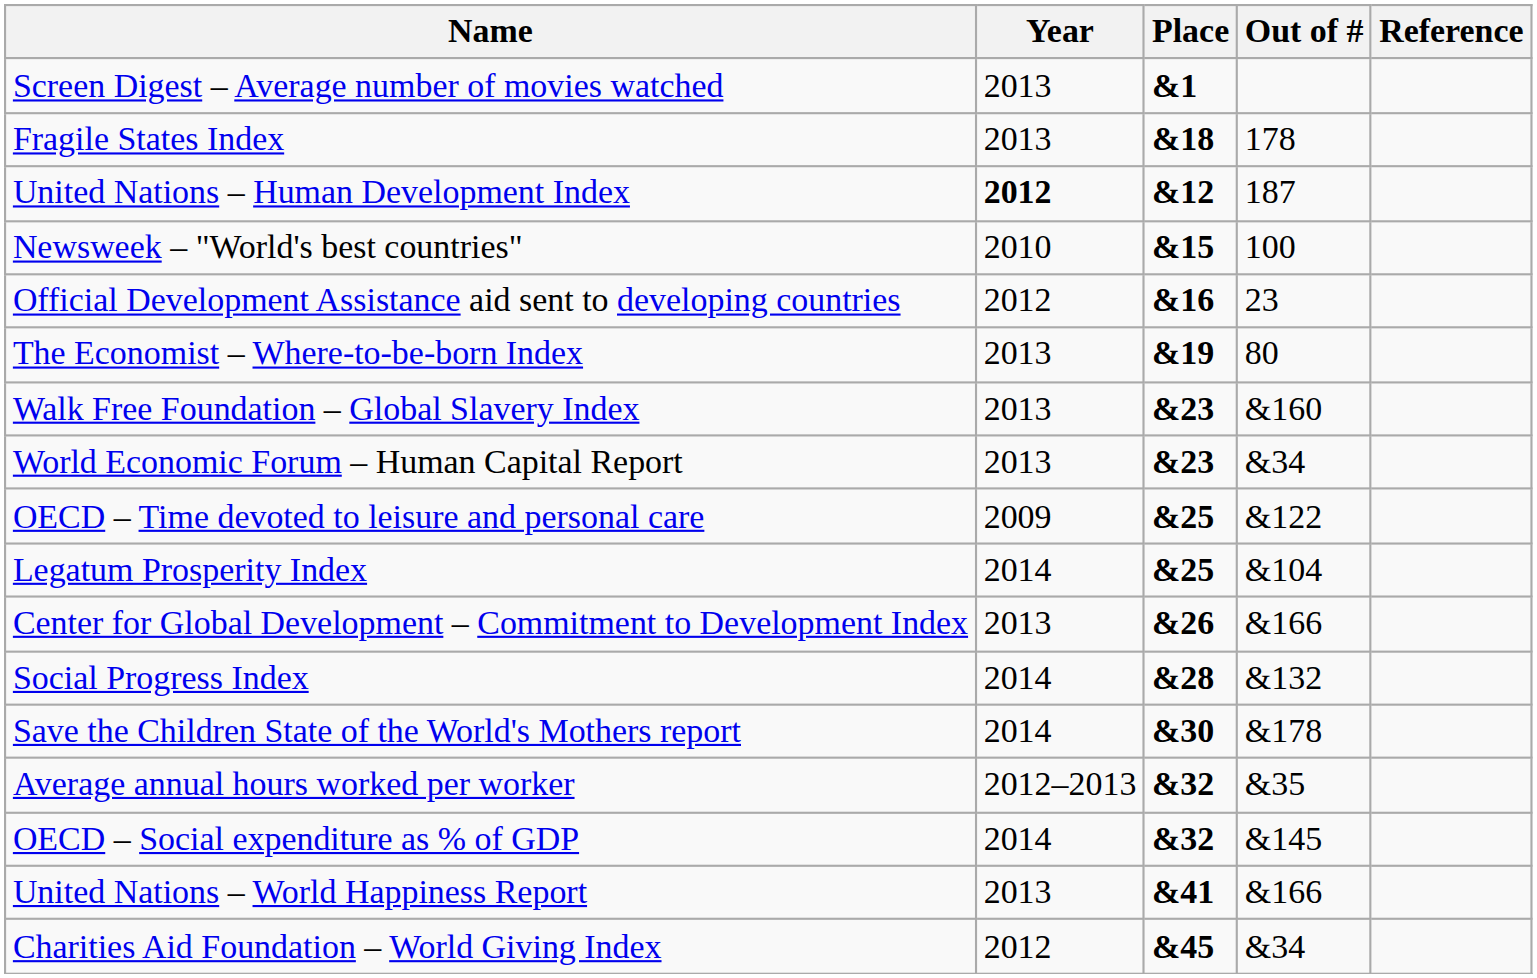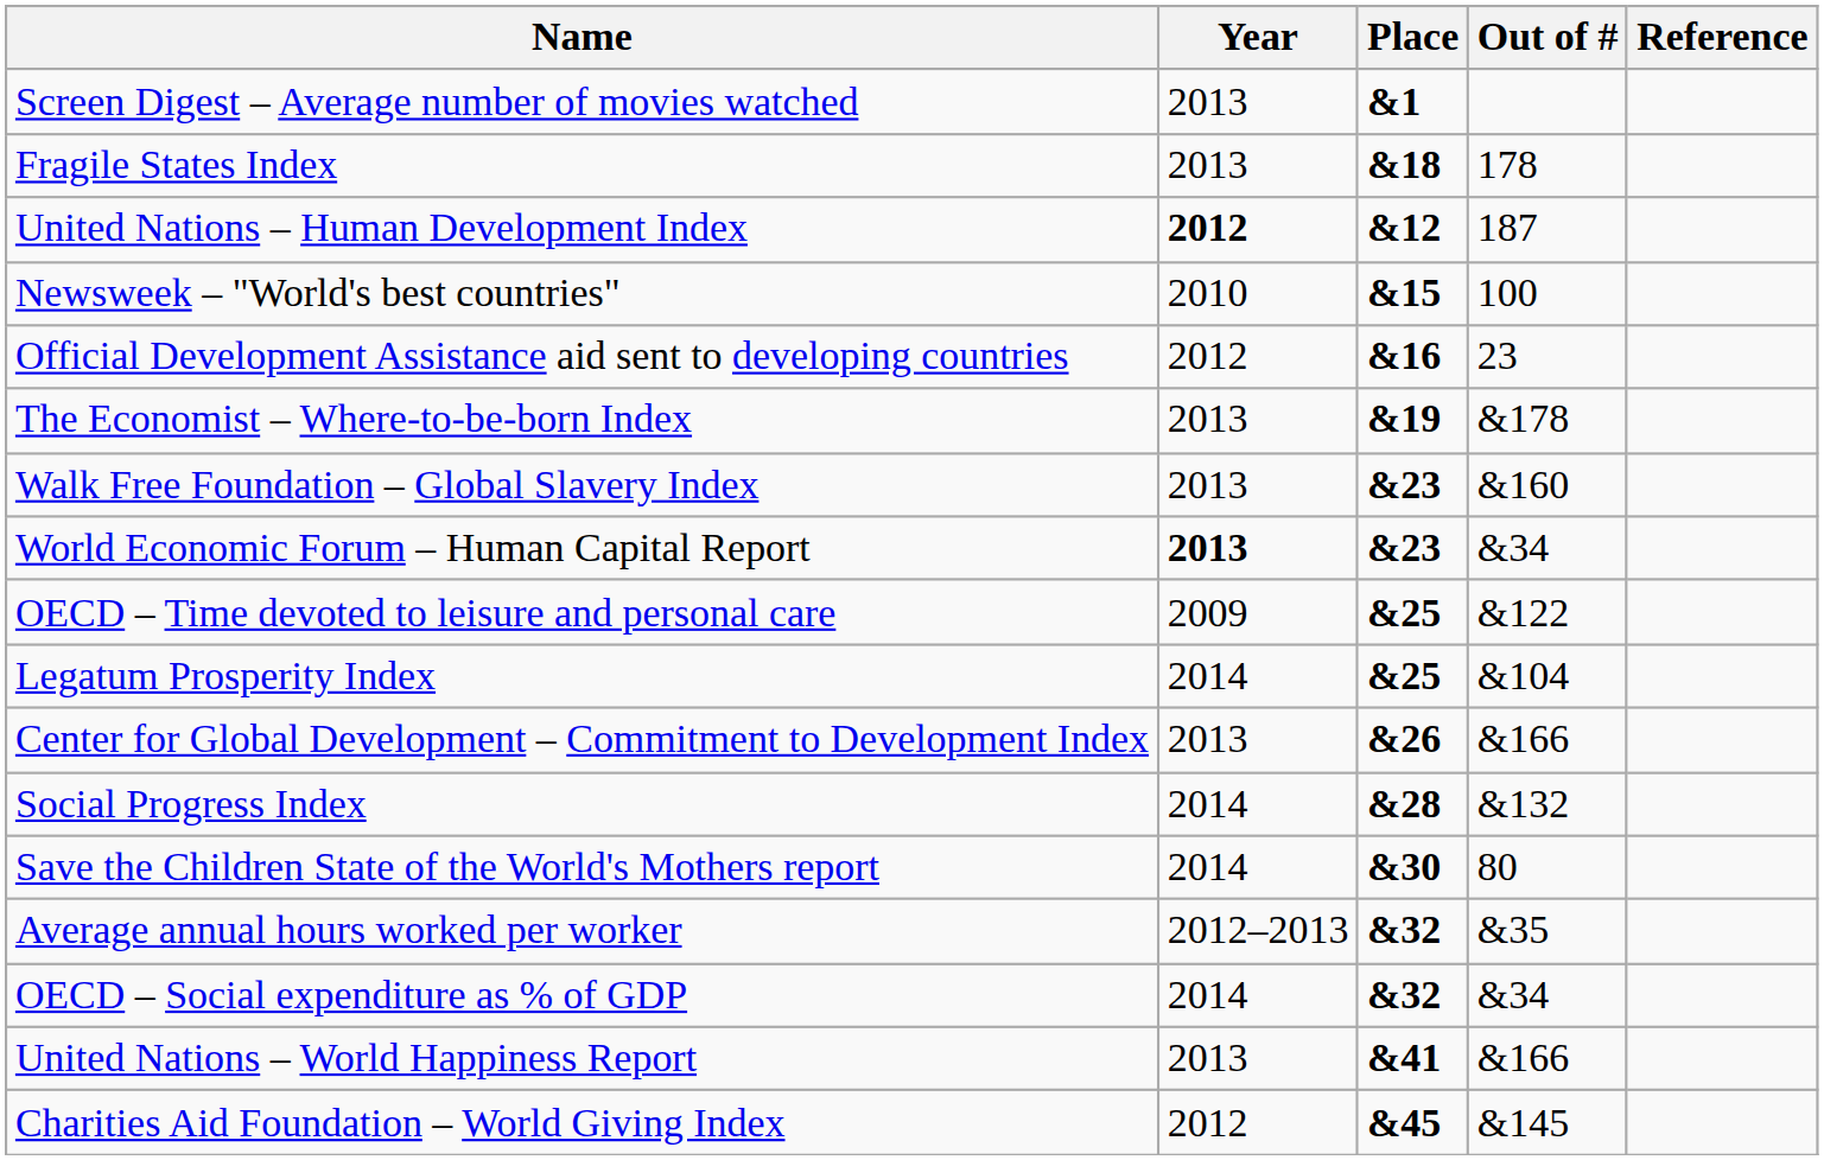 <table class="wikitable sortable" style="text-align:left">
 <tr>
 <th>Name</th>
 <th>Year</th>
 <th>Place</th>
 <th>Out of #</th>
 <th>Reference</th>
 </tr>
 <tr>
 <td><a href='#'>Screen Digest</a> – <a href='#'>Average number of movies watched</a></td>
 <td>2013</td>
 <td><strong><span>&</span>1</strong></td>
 <td></td>
 <td></td>
 </tr>
 <tr>
 <td><a href='#'>Fragile States Index</a></td>
 <td>2013</td>
 <td><strong><span>&</span>18</strong></td>
 <td>178</td>
 <td></td>
 </tr>
 <tr>
 <td><a href='#'>United Nations</a> – <a href='#'>Human Development Index</a></td>
 <td><strong>2012</strong></td>
 <td><strong><span>&</span>12</strong></td>
 <td>187</td>
 <td></td>
 </tr>
 <tr>
 <td><a href='#'>Newsweek</a> – "World's best countries"</td>
 <td>2010</td>
 <td><strong><span>&</span>15</strong></td>
 <td>100</td>
 <td></td>
 </tr>
 <tr>
 <td><a href='#'>Official Development Assistance</a> aid sent to <a href='#'>developing countries</a></td>
 <td>2012</td>
 <td><strong><span>&</span>16</strong></td>
 <td>23</td>
 <td></td>
 </tr>
 <tr>
 <td><a href='#'>The Economist</a> – <a href='#'>Where-to-be-born Index</a></td>
 <td>2013</td>
 <td><strong><span>&</span>19</strong></td>
-<td>80</td>
+<td><span>&</span>178</td>
 <td></td>
 </tr>
 <tr>
 <td><a href='#'>Walk Free Foundation</a> – <a href='#'>Global Slavery Index</a></td>
 <td>2013</td>
 <td><strong><span>&</span>23</strong></td>
 <td><span>&</span>160</td>
 <td></td>
 </tr>
 <tr>
 <td><a href='#'>World Economic Forum</a> – Human Capital Report</td>
-<td>2013</td>
+<td><strong>2013</strong></td>
 <td><strong><span>&</span>23</strong></td>
 <td><span>&</span>34</td>
 <td></td>
 </tr>
 <tr>
 <td><a href='#'>OECD</a> – <a href='#'>Time devoted to leisure and personal care</a></td>
 <td>2009</td>
 <td><strong><span>&</span>25</strong></td>
 <td><span>&</span>122</td>
 <td></td>
 </tr>
 <tr>
 <td><a href='#'>Legatum Prosperity Index</a></td>
 <td>2014</td>
 <td><strong><span>&</span>25</strong></td>
 <td><span>&</span>104</td>
 <td></td>
 </tr>
 <tr>
 <td><a href='#'>Center for Global Development</a> – <a href='#'>Commitment to Development Index</a></td>
 <td>2013</td>
 <td><strong><span>&</span>26</strong></td>
 <td><span>&</span>166</td>
 <td></td>
 </tr>
 <tr>
 <td><a href='#'>Social Progress Index</a></td>
 <td>2014</td>
 <td><strong><span>&</span>28</strong></td>
 <td><span>&</span>132</td>
 <td></td>
 </tr>
 <tr>
 <td><a href='#'>Save the Children State of the World's Mothers report</a></td>
 <td>2014</td>
 <td><strong><span>&</span>30</strong></td>
-<td><span>&</span>178</td>
+<td>80</td>
 <td></td>
 </tr>
 <tr>
 <td><a href='#'>Average annual hours worked per worker</a></td>
 <td>2012–2013</td>
 <td><strong><span>&</span>32</strong></td>
 <td><span>&</span>35</td>
 <td></td>
 </tr>
 <tr>
 <td><a href='#'>OECD</a> – <a href='#'>Social expenditure as % of GDP</a></td>
 <td>2014</td>
 <td><strong><span>&</span>32</strong></td>
-<td><span>&</span>145</td>
+<td><span>&</span>34</td>
 <td></td>
 </tr>
 <tr>
 <td><a href='#'>United Nations</a> – <a href='#'>World Happiness Report</a></td>
 <td>2013</td>
 <td><strong><span>&</span>41</strong></td>
 <td><span>&</span>166</td>
 <td></td>
 </tr>
 <tr>
 <td><a href='#'>Charities Aid Foundation</a> – <a href='#'>World Giving Index</a></td>
 <td>2012</td>
 <td><strong><span>&</span>45</strong></td>
-<td><span>&</span>34</td>
+<td><span>&</span>145</td>
 <td></td>
 </tr>
 <tr>
 </tr>
 </table>
